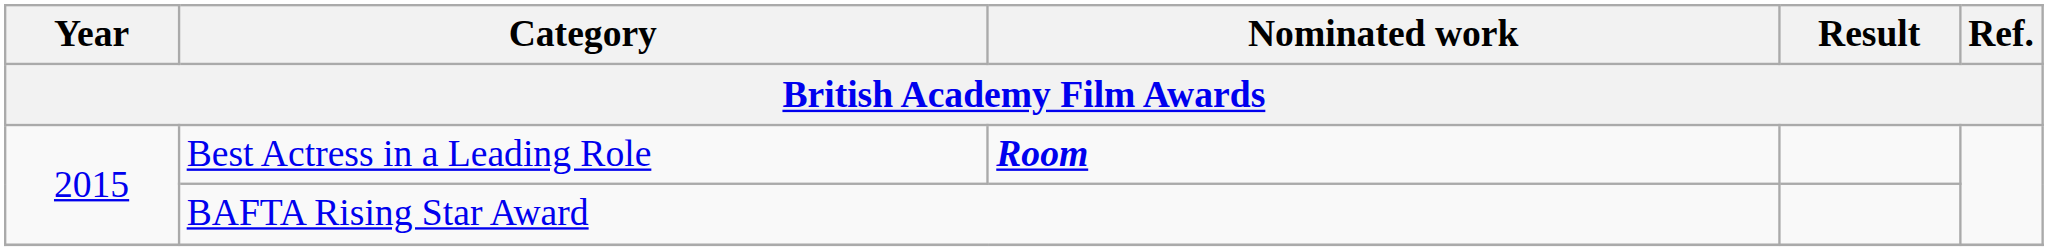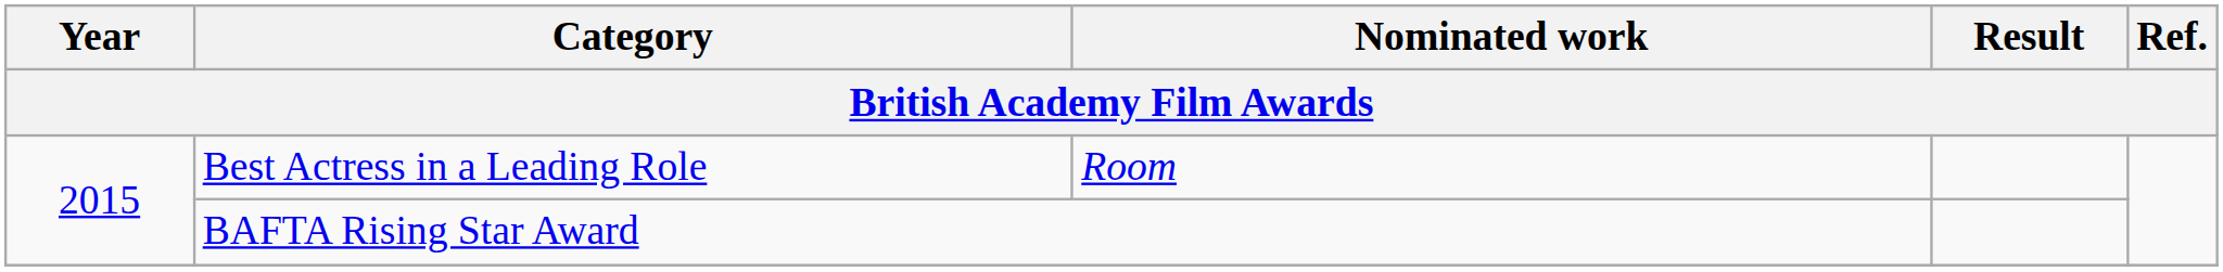 <table class=wikitable>
 <tr>
 <th scope="col" style="width:5em;">Year</th>
 <th scope="col" style="width:28em;">Category</th>
 <th scope="col" style="width:27em;">Nominated work</th>
 <th scope="col" style="width:5em;">Result</th>
 <th>Ref.</th>
 </tr>
 <tr>
 <th colspan=5><a href='#'>British Academy Film Awards</a></th>
 </tr>
 <tr>
 <td style="text-align:center;", rowspan=2><a href='#'>2015</a></td>
 <td><a href='#'>Best Actress in a Leading Role</a></td>
-<td><strong><em><a href='#'>Room</a></em></strong></td>
+<td><em><a href='#'>Room</a></em></td>
 <td></td>
 <td rowspan="2" align="center"></td>
 </tr>
 <tr>
 <td colspan=2><a href='#'>BAFTA Rising Star Award</a></td>
 <td></td>
 </tr>
 <tr>
 </tr>
 </table>
